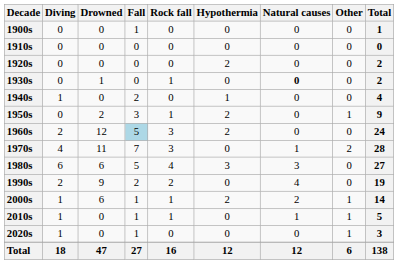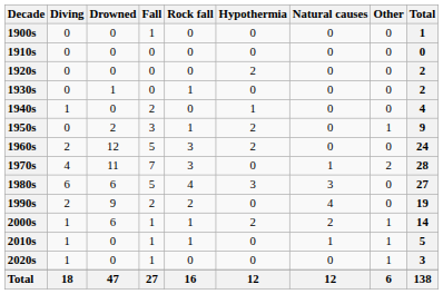 <table class="wikitable">
 <tr>
 <th>Decade</th>
 <th>Diving</th>
 <th>Drowned</th>
 <th>Fall</th>
 <th>Rock fall</th>
 <th>Hypothermia</th>
 <th>Natural causes</th>
 <th>Other</th>
 <th>Total</th>
 </tr>
 <tr style="text-align: center">
 <td style="text-align: left; font-weight: bold; background-color: #f2f2f2">1900s</td>
 <td>0</td>
 <td>0</td>
 <td>1</td>
 <td>0</td>
 <td>0</td>
 <td>0</td>
 <td>0</td>
 <td style="font-weight: bold; background-color: #f2f2f2">1</td>
 </tr>
 <tr style="text-align: center">
 <td style="text-align: left; font-weight: bold; background-color: #f2f2f2">1910s</td>
 <td>0</td>
 <td>0</td>
 <td>0</td>
 <td>0</td>
 <td>0</td>
 <td>0</td>
 <td>0</td>
 <td style="font-weight: bold; background-color: #f2f2f2">0</td>
 </tr>
 <tr style="text-align: center">
 <td style="text-align: left; font-weight: bold; background-color: #f2f2f2">1920s</td>
 <td>0</td>
 <td>0</td>
 <td>0</td>
 <td>0</td>
 <td>2</td>
 <td>0</td>
 <td>0</td>
 <td style="font-weight: bold; background-color: #f2f2f2">2</td>
 </tr>
 <tr style="text-align: center">
 <td style="text-align: left; font-weight: bold; background-color: #f2f2f2">1930s</td>
 <td>0</td>
 <td>1</td>
 <td>0</td>
 <td>1</td>
 <td>0</td>
-<td><strong>0</strong></td>
+<td>0</td>
 <td>0</td>
 <td style="font-weight: bold; background-color: #f2f2f2">2</td>
 </tr>
 <tr style="text-align: center">
 <td style="text-align: left; font-weight: bold; background-color: #f2f2f2">1940s</td>
 <td>1</td>
 <td>0</td>
 <td>2</td>
 <td>0</td>
 <td>1</td>
 <td>0</td>
 <td>0</td>
 <td style="font-weight: bold; background-color: #f2f2f2">4</td>
 </tr>
 <tr style="text-align: center">
 <td style="text-align: left; font-weight: bold; background-color: #f2f2f2">1950s</td>
 <td>0</td>
 <td>2</td>
 <td>3</td>
 <td>1</td>
 <td>2</td>
 <td>0</td>
 <td>1</td>
 <td style="font-weight: bold; background-color: #f2f2f2">9</td>
 </tr>
 <tr style="text-align: center">
 <td style="text-align: left; font-weight: bold; background-color: #f2f2f2">1960s</td>
 <td>2</td>
 <td>12</td>
-<td style="background: lightblue;">5</td>
+<td>5</td>
 <td>3</td>
 <td>2</td>
 <td>0</td>
 <td>0</td>
 <td style="font-weight: bold; background-color: #f2f2f2">24</td>
 </tr>
 <tr style="text-align: center"7>
 <td style="text-align: left; font-weight: bold; background-color: #f2f2f2">1970s</td>
 <td>4</td>
 <td>11</td>
 <td>7</td>
 <td>3</td>
 <td>0</td>
 <td>1</td>
 <td>2</td>
 <td style="font-weight: bold; background-color: #f2f2f2">28</td>
 </tr>
 <tr style="text-align: center">
 <td style="text-align: left; font-weight: bold; background-color: #f2f2f2">1980s</td>
 <td>6</td>
 <td>6</td>
 <td>5</td>
 <td>4</td>
 <td>3</td>
 <td>3</td>
 <td>0</td>
 <td style="font-weight: bold; background-color: #f2f2f2">27</td>
 </tr>
 <tr style="text-align: center">
 <td style="text-align: left; font-weight: bold; background-color: #f2f2f2">1990s</td>
 <td>2</td>
 <td>9</td>
 <td>2</td>
 <td>2</td>
 <td>0</td>
 <td>4</td>
 <td>0</td>
 <td style="font-weight: bold; background-color: #f2f2f2">19</td>
 </tr>
 <tr style="text-align: center">
 <td style="text-align: left; font-weight: bold; background-color: #f2f2f2">2000s</td>
 <td>1</td>
 <td>6</td>
 <td>1</td>
 <td>1</td>
 <td>2</td>
 <td>2</td>
 <td>1</td>
 <td style="font-weight: bold; background-color: #f2f2f2">14</td>
 </tr>
 <tr style="text-align: center">
 <td style="text-align: left; font-weight: bold; background-color: #f2f2f2">2010s</td>
 <td>1</td>
 <td>0</td>
 <td>1</td>
 <td>1</td>
 <td>0</td>
 <td>1</td>
 <td>1</td>
 <td style="font-weight: bold; background-color: #f2f2f2">5</td>
 </tr>
 <tr style="text-align: center">
 <td style="text-align: left; font-weight: bold; background-color: #f2f2f2">2020s</td>
 <td>1</td>
 <td>0</td>
 <td>1</td>
 <td>0</td>
 <td>0</td>
 <td>0</td>
 <td>1</td>
 <td style="font-weight: bold; background-color: #f2f2f2">3</td>
 </tr>
 <tr style="text-align: center">
 </tr>
 <tr style="text-align: center; font-weight: bold; background-color: #f2f2f2">
 <td style="text-align: left">Total</td>
 <td>18</td>
 <td>47</td>
 <td>27</td>
 <td>16</td>
 <td>12</td>
 <td>12</td>
 <td>6</td>
 <td>138</td>
 </tr>
 </table>
